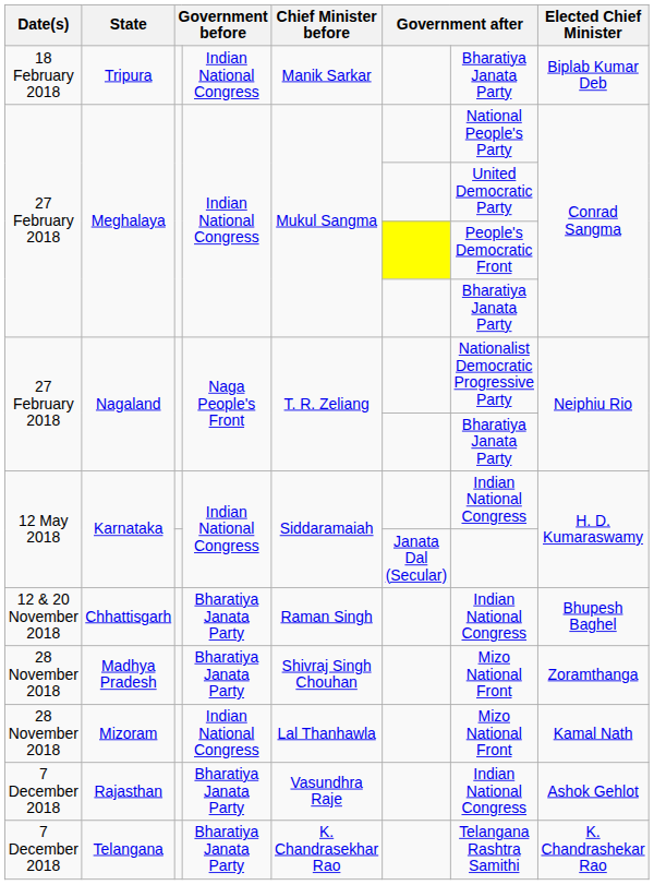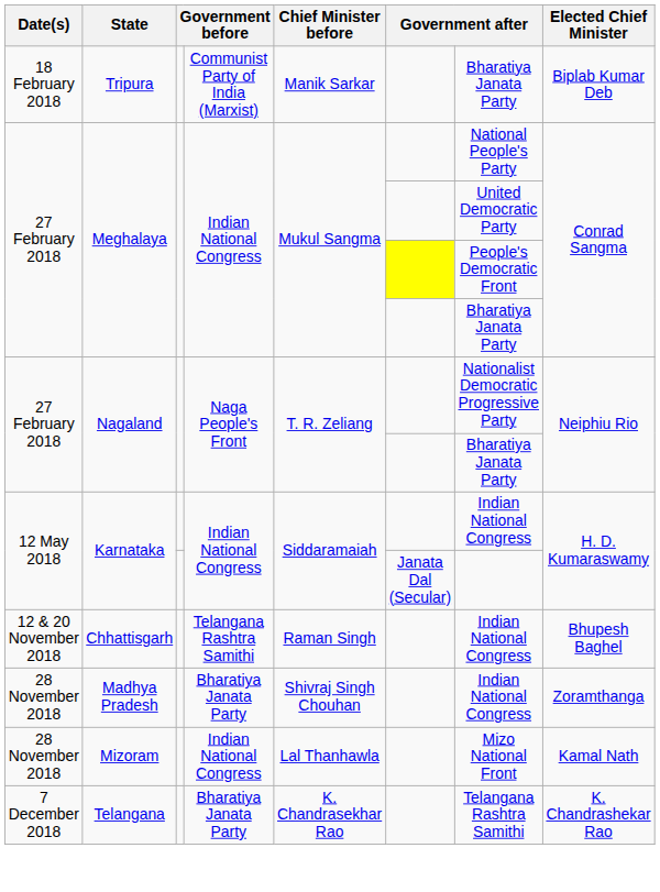 <table class="wikitable sortable">
 <tr>
 <th>Date(s)</th>
 <th>State</th>
 <th colspan="2">Government before</th>
 <th>Chief Minister before</th>
 <th colspan="2">Government after</th>
 <th>Elected Chief Minister</th>
 </tr>
 <tr style="text-align:center;">
 <td>18 February 2018</td>
 <td><a href='#'>Tripura</a></td>
 <td></td>
-<td><a href='#'>Indian National Congress</a></td>
+<td><a href='#'>Communist Party of India (Marxist)</a></td>
 <td><a href='#'>Manik Sarkar</a></td>
 <td></td>
 <td><a href='#'>Bharatiya Janata Party</a></td>
 <td><a href='#'>Biplab Kumar Deb</a></td>
 </tr>
 <tr style="text-align:center;">
 <td rowspan="4">27 February 2018</td>
 <td rowspan="4"><a href='#'>Meghalaya</a></td>
 <td rowspan="4"></td>
 <td rowspan="4"><a href='#'>Indian National Congress</a></td>
 <td rowspan="4"><a href='#'>Mukul Sangma</a></td>
 <td></td>
 <td><a href='#'>National People's Party</a></td>
 <td rowspan="4"><a href='#'>Conrad Sangma</a></td>
 </tr>
 <tr style="text-align:center;">
 <td></td>
 <td><a href='#'>United Democratic Party</a></td>
 </tr>
 <tr style="text-align:center;">
 <td bgcolor=#FFFF00></td>
 <td><a href='#'>People's Democratic Front</a></td>
 </tr>
 <tr style="text-align:center;">
 <td></td>
 <td><a href='#'>Bharatiya Janata Party</a></td>
 </tr>
 <tr style="text-align:center;">
 <td rowspan="2">27 February 2018</td>
 <td rowspan="2"><a href='#'>Nagaland</a></td>
 <td rowspan="2"></td>
 <td rowspan="2"><a href='#'>Naga People's Front</a></td>
 <td rowspan="2"><a href='#'>T. R. Zeliang</a></td>
 <td></td>
 <td><a href='#'>Nationalist Democratic Progressive Party</a></td>
 <td rowspan="2"><a href='#'>Neiphiu Rio</a></td>
 </tr>
 <tr style="text-align:center;">
 <td></td>
 <td><a href='#'>Bharatiya Janata Party</a></td>
 </tr>
 <tr style="text-align:center;">
 <td rowspan="2">12 May 2018</td>
 <td rowspan="2"><a href='#'>Karnataka</a></td>
 <td></td>
 <td rowspan="2"><a href='#'>Indian National Congress</a></td>
 <td rowspan="2"><a href='#'>Siddaramaiah</a></td>
 <td></td>
 <td><a href='#'>Indian National Congress</a></td>
 <td rowspan="2"><a href='#'>H. D. Kumaraswamy</a></td>
 </tr>
 <tr style="text-align:center;">
 <td></td>
 <td><a href='#'>Janata Dal (Secular)</a></td>
 </tr>
 <tr style="text-align:center;">
 <td>12 & 20 November 2018</td>
 <td><a href='#'>Chhattisgarh</a></td>
 <td></td>
-<td><a href='#'>Bharatiya Janata Party</a></td>
+<td><a href='#'>Telangana Rashtra Samithi</a></td>
 <td><a href='#'>Raman Singh</a></td>
 <td></td>
 <td><a href='#'>Indian National Congress</a></td>
 <td><a href='#'>Bhupesh Baghel</a></td>
 </tr>
 <tr style="text-align:center;">
 <td>28 November 2018</td>
 <td><a href='#'>Madhya Pradesh</a></td>
 <td></td>
 <td><a href='#'>Bharatiya Janata Party</a></td>
 <td><a href='#'>Shivraj Singh Chouhan</a></td>
 <td></td>
-<td><a href='#'>Mizo National Front</a></td>
+<td><a href='#'>Indian National Congress</a></td>
 <td><a href='#'>Zoramthanga</a></td>
 </tr>
 <tr style="text-align:center;">
 <td>28 November 2018</td>
 <td><a href='#'>Mizoram</a></td>
 <td></td>
 <td><a href='#'>Indian National Congress</a></td>
 <td><a href='#'>Lal Thanhawla</a></td>
 <td></td>
 <td><a href='#'>Mizo National Front</a></td>
 <td><a href='#'>Kamal Nath</a></td>
 </tr>
 <tr style="text-align:center;">
 <td>7 December 2018</td>
-<td><a href='#'>Rajasthan</a></td>
-<td></td>
-<td><a href='#'>Bharatiya Janata Party</a></td>
-<td><a href='#'>Vasundhra Raje</a></td>
-<td></td>
-<td><a href='#'>Indian National Congress</a></td>
-<td><a href='#'>Ashok Gehlot</a></td>
-</tr>
-<tr style="text-align:center;">
-<td>7 December 2018</td>
 <td><a href='#'>Telangana</a></td>
 <td></td>
 <td><a href='#'>Bharatiya Janata Party</a></td>
 <td><a href='#'>K. Chandrasekhar Rao</a></td>
 <td></td>
 <td><a href='#'>Telangana Rashtra Samithi</a></td>
 <td><a href='#'>K. Chandrashekar Rao</a></td>
 </tr>
 </table>
